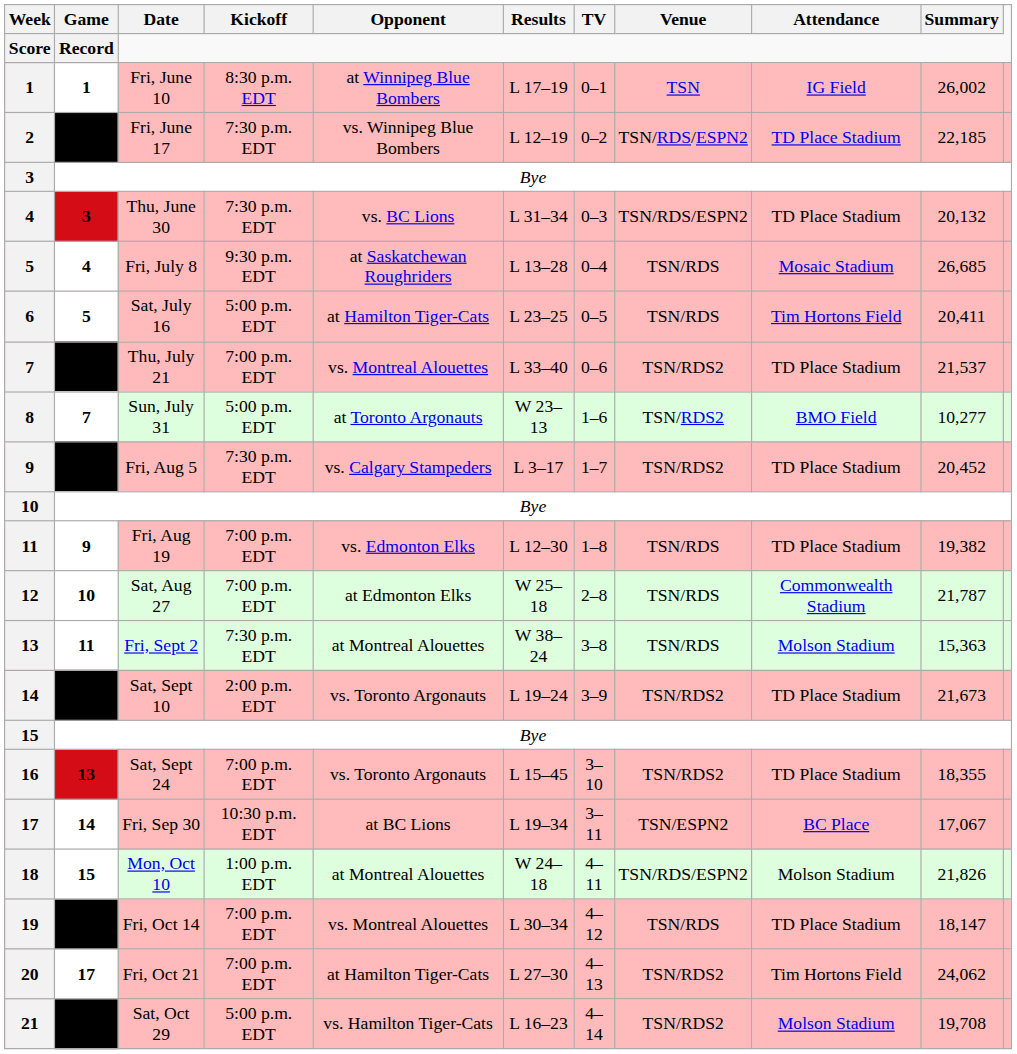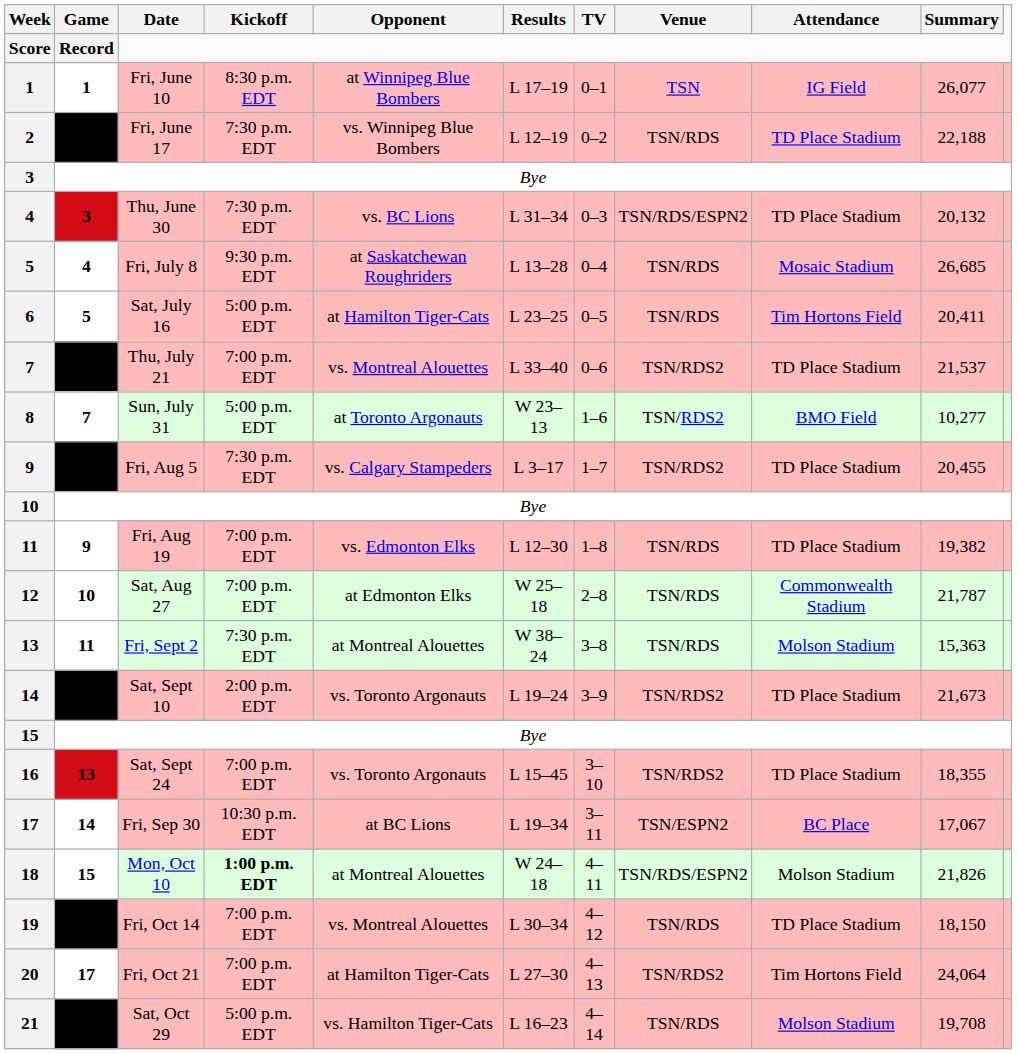 <table class="wikitable" style="font-size: 95%;">
 <tr>
 <th scope="col">Week</th>
 <th scope="col">Game</th>
 <th scope="col">Date</th>
 <th scope="col">Kickoff</th>
 <th scope="col">Opponent</th>
 <th scope="col">Results</th>
 <th scope="col">TV</th>
 <th scope="col">Venue</th>
 <th scope="col">Attendance</th>
 <th scope="col">Summary</th>
 </tr>
 <tr>
 <th scope="col">Score</th>
 <th scope="col">Record</th>
 </tr>
 <tr align="center" bgcolor="#ffbbbb">
 <th align="center">1</th>
 <th style="text-align:center; background:white;"><span>1</span></th>
 <td align="center">Fri, June 10</td>
 <td align="center">8:30 p.m. <a href='#'>EDT</a></td>
 <td align="center">at <a href='#'>Winnipeg Blue Bombers</a></td>
 <td align="center">L 17–19</td>
 <td align="center">0–1</td>
 <td align="center"><a href='#'>TSN</a></td>
 <td align="center"><a href='#'>IG Field</a></td>
-<td align="center">26,002</td>
+<td align="center">26,077</td>
 <td align="center"></td>
 </tr>
 <tr align="center" bgcolor="#ffbbbb">
 <th align="center">2</th>
 <th style="text-align:center; background:black;"><span>2</span></th>
 <td align="center">Fri, June 17</td>
 <td align="center">7:30 p.m. EDT</td>
 <td align="center">vs. Winnipeg Blue Bombers</td>
 <td align="center">L 12–19</td>
 <td align="center">0–2</td>
-<td align="center">TSN/<a href='#'>RDS</a>/<a href='#'>ESPN2</a></td>
+<td align="center">TSN/RDS</td>
 <td align="center"><a href='#'>TD Place Stadium</a></td>
-<td align="center">22,185</td>
+<td align="center">22,188</td>
 <td align="center"></td>
 </tr>
 <tr align="center" bgcolor="#ffffff">
 <th align="center">3</th>
 <td colspan=10 align="center" valign="middle"><em>Bye</em></td>
 </tr>
 <tr align="center" bgcolor="#ffbbbb">
 <th align="center">4</th>
 <th style="text-align:center; background:#D30C15;"><span>3</span></th>
 <td align="center">Thu, June 30</td>
 <td align="center">7:30 p.m. EDT</td>
 <td align="center">vs. <a href='#'>BC Lions</a></td>
 <td align="center">L 31–34</td>
 <td align="center">0–3</td>
 <td align="center">TSN/RDS/ESPN2</td>
 <td align="center">TD Place Stadium</td>
 <td align="center">20,132</td>
 <td align="center"></td>
 </tr>
 <tr align="center" bgcolor="#ffbbbb">
 <th align="center">5</th>
 <th style="text-align:center; background:white;"><span>4</span></th>
 <td align="center">Fri, July 8</td>
 <td align="center">9:30 p.m. EDT</td>
 <td align="center">at <a href='#'>Saskatchewan Roughriders</a></td>
 <td align="center">L 13–28</td>
 <td align="center">0–4</td>
 <td align="center">TSN/RDS</td>
 <td align="center"><a href='#'>Mosaic Stadium</a></td>
 <td align="center">26,685</td>
 <td align="center"></td>
 </tr>
 <tr align="center" bgcolor="#ffbbbb">
 <th align="center">6</th>
 <th style="text-align:center; background:white;"><span>5</span></th>
 <td align="center">Sat, July 16</td>
 <td align="center">5:00 p.m. EDT</td>
 <td align="center">at <a href='#'>Hamilton Tiger-Cats</a></td>
 <td align="center">L 23–25</td>
 <td align="center">0–5</td>
 <td align="center">TSN/RDS</td>
 <td align="center"><a href='#'>Tim Hortons Field</a></td>
 <td align="center">20,411</td>
 <td align="center"></td>
 </tr>
 <tr align="center" bgcolor="#ffbbbb">
 <th align="center">7</th>
 <th style="text-align:center; background:black;"><span>6</span></th>
 <td align="center">Thu, July 21</td>
 <td align="center">7:00 p.m. EDT</td>
 <td align="center">vs. <a href='#'>Montreal Alouettes</a></td>
 <td align="center">L 33–40</td>
 <td align="center">0–6</td>
 <td align="center">TSN/RDS2</td>
 <td align="center">TD Place Stadium</td>
 <td align="center">21,537</td>
 <td align="center"></td>
 </tr>
 <tr align="center" bgcolor="#ddffdd">
 <th align="center">8</th>
 <th style="text-align:center; background:white;"><span>7</span></th>
 <td align="center">Sun, July 31</td>
 <td align="center">5:00 p.m. EDT</td>
 <td align="center">at <a href='#'>Toronto Argonauts</a></td>
 <td align="center">W 23–13</td>
 <td align="center">1–6</td>
 <td align="center">TSN/<a href='#'>RDS2</a></td>
 <td align="center"><a href='#'>BMO Field</a></td>
 <td align="center">10,277</td>
 <td align="center"></td>
 </tr>
 <tr align="center" bgcolor="#ffbbbb">
 <th align="center">9</th>
 <th style="text-align:center; background:black;"><span>8</span></th>
 <td align="center">Fri, Aug 5</td>
 <td align="center">7:30 p.m. EDT</td>
 <td align="center">vs. <a href='#'>Calgary Stampeders</a></td>
 <td align="center">L 3–17</td>
 <td align="center">1–7</td>
 <td align="center">TSN/RDS2</td>
 <td align="center">TD Place Stadium</td>
-<td align="center">20,452</td>
+<td align="center">20,455</td>
 <td align="center"></td>
 </tr>
 <tr align="center" bgcolor="#ffffff">
 <th align="center">10</th>
 <td colspan=10 align="center" valign="middle"><em>Bye</em></td>
 </tr>
 <tr align="center" bgcolor="#ffbbbb">
 <th align="center">11</th>
 <th style="text-align:center; background:white;"><span>9</span></th>
 <td align="center">Fri, Aug 19</td>
 <td align="center">7:00 p.m. EDT</td>
 <td align="center">vs. <a href='#'>Edmonton Elks</a></td>
 <td align="center">L 12–30</td>
 <td align="center">1–8</td>
 <td align="center">TSN/RDS</td>
 <td align="center">TD Place Stadium</td>
 <td align="center">19,382</td>
 <td align="center"></td>
 </tr>
 <tr align="center" bgcolor="#ddffdd">
 <th align="center">12</th>
 <th style="text-align:center; background:white;"><span>10</span></th>
 <td align="center">Sat, Aug 27</td>
 <td align="center">7:00 p.m. EDT</td>
 <td align="center">at Edmonton Elks</td>
 <td align="center">W 25–18</td>
 <td align="center">2–8</td>
 <td align="center">TSN/RDS</td>
 <td align="center"><a href='#'>Commonwealth Stadium</a></td>
 <td align="center">21,787</td>
 <td align="center"></td>
 </tr>
 <tr align="center" bgcolor="#ddffdd">
 <th align="center">13</th>
 <th style="text-align:center; background:white;"><span>11</span></th>
 <td align="center"><a href='#'>Fri, Sept 2</a></td>
 <td align="center">7:30 p.m. EDT</td>
 <td align="center">at Montreal Alouettes</td>
 <td align="center">W 38–24</td>
 <td align="center">3–8</td>
 <td align="center">TSN/RDS</td>
 <td align="center"><a href='#'>Molson Stadium</a></td>
 <td align="center">15,363</td>
 <td align="center"></td>
 </tr>
 <tr align="center" bgcolor="#ffbbbb">
 <th align="center">14</th>
 <th style="text-align:center; background:black;"><span>12</span></th>
 <td align="center">Sat, Sept 10</td>
 <td align="center">2:00 p.m. EDT</td>
 <td align="center">vs. Toronto Argonauts</td>
 <td align="center">L 19–24</td>
 <td align="center">3–9</td>
 <td align="center">TSN/RDS2</td>
 <td align="center">TD Place Stadium</td>
 <td align="center">21,673</td>
 <td align="center"></td>
 </tr>
 <tr align="center" bgcolor="#ffffff">
 <th align="center">15</th>
 <td colspan=10 align="center" valign="middle"><em>Bye</em></td>
 </tr>
 <tr align="center" bgcolor="#ffbbbb">
 <th align="center">16</th>
 <th style="text-align:center; background:#D30C15;"><span>13</span></th>
 <td align="center">Sat, Sept 24</td>
 <td align="center">7:00 p.m. EDT</td>
 <td align="center">vs. Toronto Argonauts</td>
 <td align="center">L 15–45</td>
 <td align="center">3–10</td>
 <td align="center">TSN/RDS2</td>
 <td align="center">TD Place Stadium</td>
 <td align="center">18,355</td>
 <td align="center"></td>
 </tr>
 <tr align="center" bgcolor="#ffbbbb">
 <th align="center">17</th>
 <th style="text-align:center; background:white;"><span>14</span></th>
 <td align="center">Fri, Sep 30</td>
 <td align="center">10:30 p.m. EDT</td>
 <td align="center">at BC Lions</td>
 <td align="center">L 19–34</td>
 <td align="center">3–11</td>
 <td align="center">TSN/ESPN2</td>
 <td align="center"><a href='#'>BC Place</a></td>
 <td align="center">17,067</td>
 <td align="center"></td>
 </tr>
 <tr align="center" bgcolor="#ddffdd">
 <th align="center">18</th>
 <th style="text-align:center; background:white;"><span>15</span></th>
 <td align="center"><a href='#'>Mon, Oct 10</a></td>
-<td align="center">1:00 p.m. EDT</td>
+<td align="center"><strong>1:00 p.m. EDT</strong></td>
 <td align="center">at Montreal Alouettes</td>
 <td align="center">W 24–18</td>
 <td align="center">4–11</td>
 <td align="center">TSN/RDS/ESPN2</td>
 <td align="center">Molson Stadium</td>
 <td align="center">21,826</td>
 <td align="center"></td>
 </tr>
 <tr align="center" bgcolor="#ffbbbb">
 <th align="center">19</th>
 <th style="text-align:center; background:black;"><span>16</span></th>
 <td align="center">Fri, Oct 14</td>
 <td align="center">7:00 p.m. EDT</td>
 <td align="center">vs. Montreal Alouettes</td>
 <td align="center">L 30–34</td>
 <td align="center">4–12</td>
 <td align="center">TSN/RDS</td>
 <td align="center">TD Place Stadium</td>
-<td align="center">18,147</td>
+<td align="center">18,150</td>
 <td align="center"></td>
 </tr>
 <tr align="center" bgcolor="#ffbbbb">
 <th align="center">20</th>
 <th style="text-align:center; background:white;"><span>17</span></th>
 <td align="center">Fri, Oct 21</td>
 <td align="center">7:00 p.m. EDT</td>
 <td align="center">at Hamilton Tiger-Cats</td>
 <td align="center">L 27–30</td>
 <td align="center">4–13</td>
 <td align="center">TSN/RDS2</td>
 <td align="center">Tim Hortons Field</td>
-<td align="center">24,062</td>
+<td align="center">24,064</td>
 <td align="center"></td>
 </tr>
 <tr align="center" bgcolor="#ffbbbb">
 <th align="center">21</th>
 <th style="text-align:center; background:black;"><span>18</span></th>
 <td align="center">Sat, Oct 29</td>
 <td align="center">5:00 p.m. EDT</td>
 <td align="center">vs. Hamilton Tiger-Cats</td>
 <td align="center">L 16–23</td>
 <td align="center">4–14</td>
-<td align="center">TSN/RDS2</td>
+<td align="center">TSN/RDS</td>
 <td align="center"><a href='#'>Molson Stadium</a></td>
 <td align="center">19,708</td>
 <td align="center"></td>
 </tr>
 </table>
